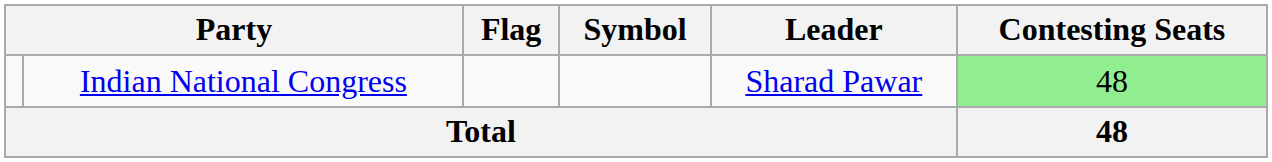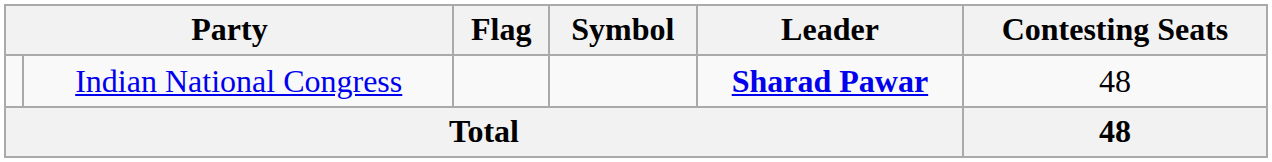 <table class="wikitable" width="50%" style="text-align:center">
 <tr>
 <th colspan="2">Party</th>
 <th>Flag</th>
 <th>Symbol</th>
 <th>Leader</th>
 <th>Contesting Seats</th>
 </tr>
 <tr>
 <td></td>
 <td><a href='#'>Indian National Congress</a></td>
 <td></td>
 <td></td>
-<td><a href='#'>Sharad Pawar</a></td>
-<td style="background: lightgreen;">48</td>
+<td><strong><a href='#'>Sharad Pawar</a></strong></td>
+<td>48</td>
 </tr>
 <tr>
 <th colspan="5">Total</th>
 <th>48</th>
 </tr>
 </table>
